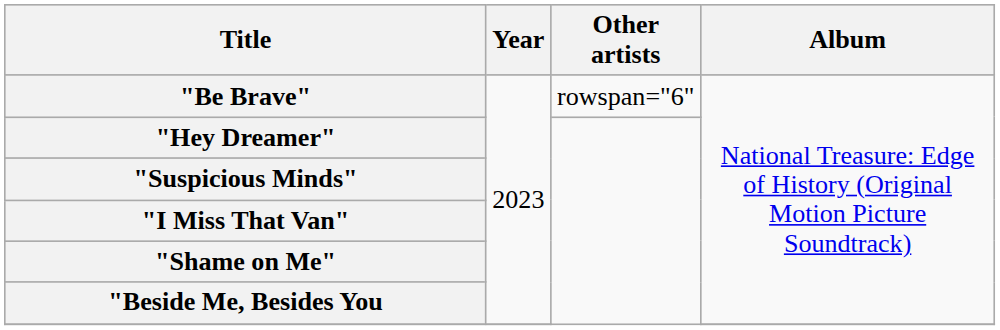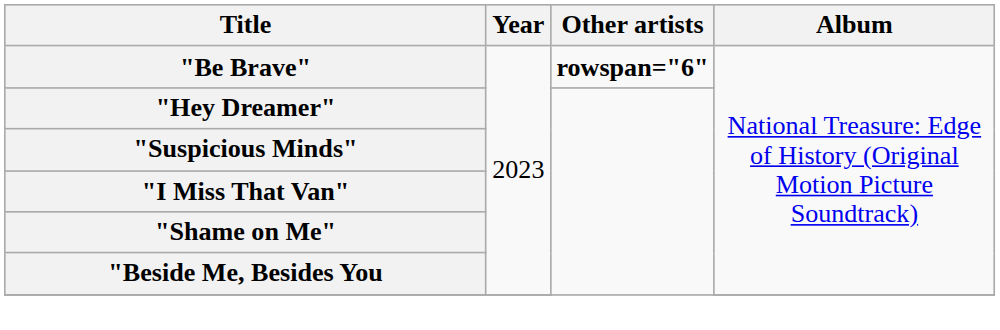 <table class="wikitable plainrowheaders" style="text-align:center;">
 <tr>
 <th scope="col" style="width:18em;">Title</th>
 <th scope="col">Year</th>
 <th scope="col">Other artists</th>
 <th scope="col">Album</th>
 </tr>
 <tr>
 <th scope="row">"Be Brave"</th>
 <td rowspan="6">2023</td>
-<td>rowspan="6" </td>
+<td><strong>rowspan="6" </strong></td>
 <td rowspan="6"><a href='#'> National Treasure: Edge of History (Original Motion Picture Soundtrack)</a></td>
 </tr>
 <tr>
 <th scope="row">"Hey Dreamer"</th>
 </tr>
 <tr>
 <th scope="row">"Suspicious Minds"</th>
 </tr>
 <tr>
 <th scope="row">"I Miss That Van"</th>
 </tr>
 <tr>
 <th scope="row">"Shame on Me"</th>
 </tr>
 <tr>
 <th scope="row">"Beside Me, Besides You</th>
 </tr>
 <tr>
 </tr>
 </table>
